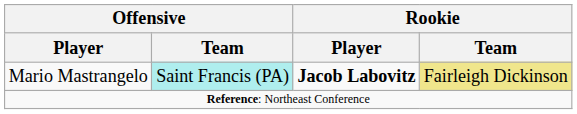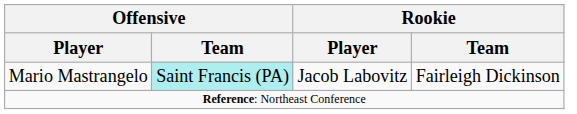 <table class="wikitable">
 <tr>
 <th colspan="2">Offensive</th>
 <th colspan="2">Rookie</th>
 </tr>
 <tr>
 <th>Player</th>
 <th>Team</th>
 <th>Player</th>
 <th>Team</th>
 </tr>
 <tr>
 <td>Mario Mastrangelo</td>
 <td style="background: paleturquoise;">Saint Francis (PA)</td>
-<td><strong>Jacob Labovitz</strong></td>
-<td style="background: khaki;">Fairleigh Dickinson</td>
+<td>Jacob Labovitz</td>
+<td>Fairleigh Dickinson</td>
 </tr>
 <tr>
 <td colspan="12"  style="font-size:8pt; text-align:center;"><strong>Reference</strong>: Northeast Conference</td>
 </tr>
 </table>
